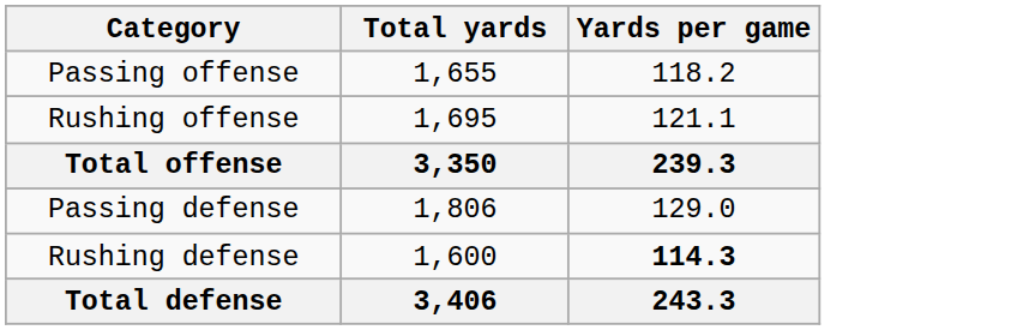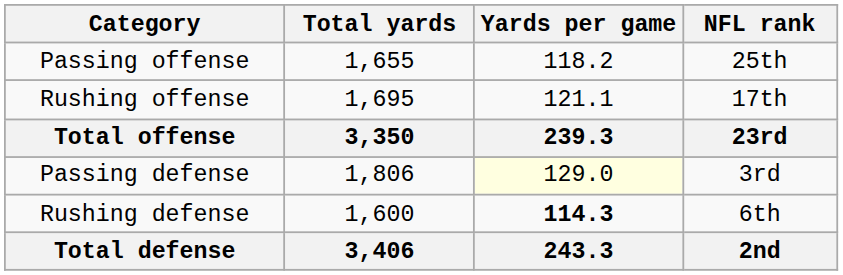 <table class="wikitable" style="text-align:center">
 <tr>
 <th width=150px>Category</th>
 <th width=100px>Total yards</th>
 <th width=110px>Yards per game</th>
+<th width=80px>NFL rank<br></th>
 </tr>
 <tr>
 <td>Passing offense</td>
 <td>1,655</td>
 <td>118.2</td>
+<td>25th</td>
 </tr>
 <tr>
 <td>Rushing offense</td>
 <td>1,695</td>
 <td>121.1</td>
+<td>17th</td>
 </tr>
 <tr>
 <th>Total offense</th>
 <th>3,350</th>
 <th>239.3</th>
+<th>23rd</th>
 </tr>
 <tr>
 <td>Passing defense</td>
 <td>1,806</td>
-<td>129.0</td>
+<td style="background: lightyellow;">129.0</td>
+<td>3rd</td>
 </tr>
 <tr>
 <td>Rushing defense</td>
 <td>1,600</td>
 <td><strong>114.3</strong></td>
+<td>6th</td>
 </tr>
 <tr>
 <th>Total defense</th>
 <th>3,406</th>
 <th>243.3</th>
+<th>2nd</th>
 </tr>
 </table>
